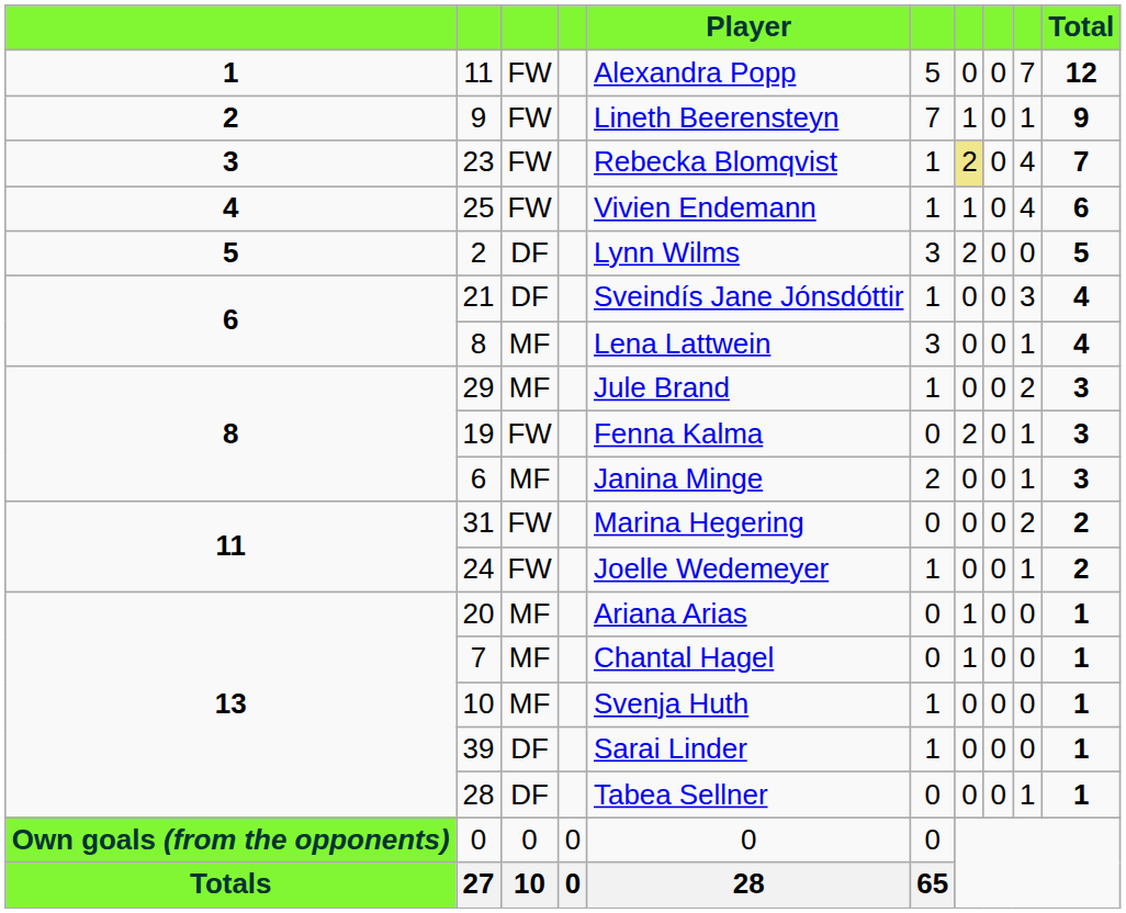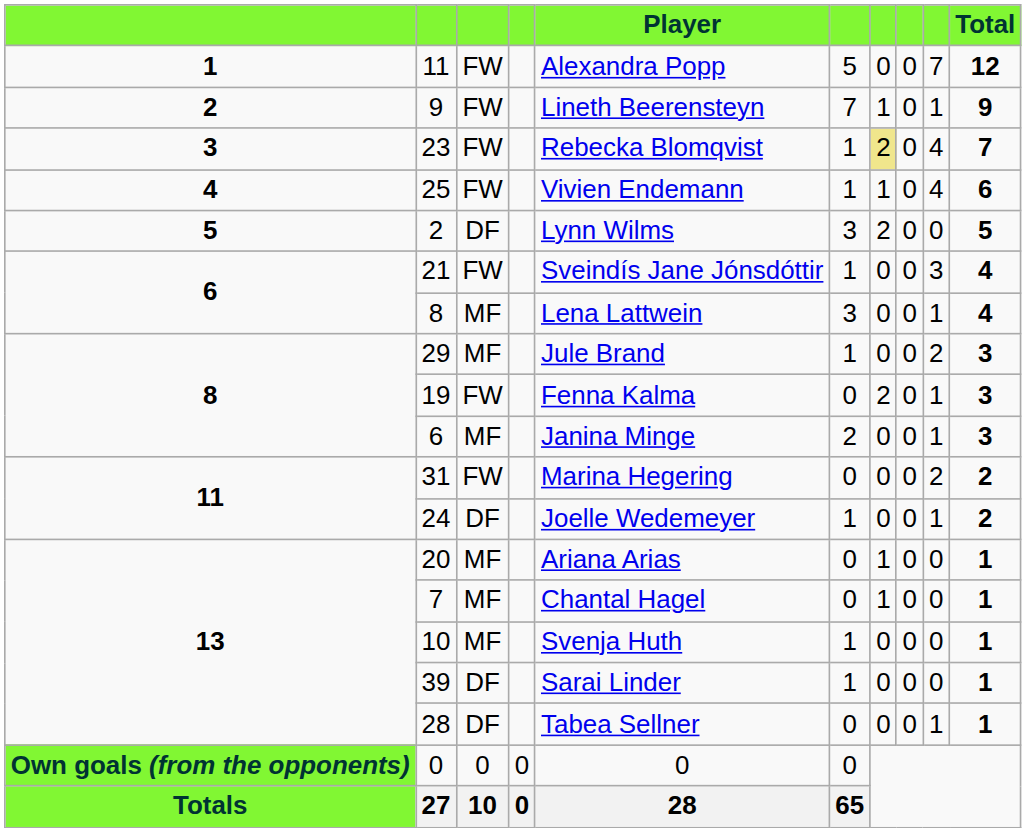 <table class="wikitable" style="text-align:center;">
 <tr>
 <th style="background:#81F733; color:#003333; "></th>
 <th style="background:#81F733; color:#003333; "></th>
 <th style="background:#81F733; color:#003333; "></th>
 <th style="background:#81F733; color:#003333; "></th>
 <th style="background:#81F733; color:#003333; ">Player</th>
 <th style="background:#81F733; color:#003333; "></th>
 <th style="background:#81F733; color:#003333; "></th>
 <th style="background:#81F733; color:#003333; "></th>
 <th style="background:#81F733; color:#003333; "></th>
 <th style="background:#81F733; color:#003333; ">Total</th>
 </tr>
 <tr>
 <td><strong>1</strong></td>
 <td>11</td>
 <td>FW</td>
 <td></td>
 <td align="left"><a href='#'>Alexandra Popp</a></td>
 <td>5</td>
 <td>0</td>
 <td>0</td>
 <td>7</td>
 <td><strong>12</strong></td>
 </tr>
 <tr>
 <td><strong>2</strong></td>
 <td>9</td>
 <td>FW</td>
 <td></td>
 <td align="left"><a href='#'>Lineth Beerensteyn</a></td>
 <td>7</td>
 <td>1</td>
 <td>0</td>
 <td>1</td>
 <td><strong>9</strong></td>
 </tr>
 <tr>
 <td><strong>3</strong></td>
 <td>23</td>
 <td>FW</td>
 <td></td>
 <td align="left"><a href='#'>Rebecka Blomqvist</a></td>
 <td>1</td>
 <td style="background: khaki;">2</td>
 <td>0</td>
 <td>4</td>
 <td><strong>7</strong></td>
 </tr>
 <tr>
 <td><strong>4</strong></td>
 <td>25</td>
 <td>FW</td>
 <td></td>
 <td align="left"><a href='#'>Vivien Endemann</a></td>
 <td>1</td>
 <td>1</td>
 <td>0</td>
 <td>4</td>
 <td><strong>6</strong></td>
 </tr>
 <tr>
 <td><strong>5</strong></td>
 <td>2</td>
 <td>DF</td>
 <td></td>
 <td align="left"><a href='#'>Lynn Wilms</a></td>
 <td>3</td>
 <td>2</td>
 <td>0</td>
 <td>0</td>
 <td><strong>5</strong></td>
 </tr>
 <tr>
 <td rowspan = 2><strong>6</strong></td>
 <td>21</td>
-<td>DF</td>
+<td>FW</td>
 <td></td>
 <td align="left"><a href='#'>Sveindís Jane Jónsdóttir</a></td>
 <td>1</td>
 <td>0</td>
 <td>0</td>
 <td>3</td>
 <td><strong>4</strong></td>
 </tr>
 <tr>
 <td>8</td>
 <td>MF</td>
 <td></td>
 <td align="left"><a href='#'>Lena Lattwein</a></td>
 <td>3</td>
 <td>0</td>
 <td>0</td>
 <td>1</td>
 <td><strong>4</strong></td>
 </tr>
 <tr>
 <td rowspan = 3><strong>8</strong></td>
 <td>29</td>
 <td>MF</td>
 <td></td>
 <td align="left"><a href='#'>Jule Brand</a></td>
 <td>1</td>
 <td>0</td>
 <td>0</td>
 <td>2</td>
 <td><strong>3</strong></td>
 </tr>
 <tr>
 <td>19</td>
 <td>FW</td>
 <td></td>
 <td align="left"><a href='#'>Fenna Kalma</a></td>
 <td>0</td>
 <td>2</td>
 <td>0</td>
 <td>1</td>
 <td><strong>3</strong></td>
 </tr>
 <tr>
 <td>6</td>
 <td>MF</td>
 <td></td>
 <td align="left"><a href='#'>Janina Minge</a></td>
 <td>2</td>
 <td>0</td>
 <td>0</td>
 <td>1</td>
 <td><strong>3</strong></td>
 </tr>
 <tr>
 <td rowspan = 2><strong>11</strong></td>
 <td>31</td>
 <td>FW</td>
 <td></td>
 <td align="left"><a href='#'>Marina Hegering</a></td>
 <td>0</td>
 <td>0</td>
 <td>0</td>
 <td>2</td>
 <td><strong>2</strong></td>
 </tr>
 <tr>
 <td>24</td>
-<td>FW</td>
+<td>DF</td>
 <td></td>
 <td align="left"><a href='#'>Joelle Wedemeyer</a></td>
 <td>1</td>
 <td>0</td>
 <td>0</td>
 <td>1</td>
 <td><strong>2</strong></td>
 </tr>
 <tr>
 <td rowspan = 5><strong>13</strong></td>
 <td>20</td>
 <td>MF</td>
 <td></td>
 <td align="left"><a href='#'>Ariana Arias</a></td>
 <td>0</td>
 <td>1</td>
 <td>0</td>
 <td>0</td>
 <td><strong>1</strong></td>
 </tr>
 <tr>
 <td>7</td>
 <td>MF</td>
 <td></td>
 <td align="left"><a href='#'>Chantal Hagel</a></td>
 <td>0</td>
 <td>1</td>
 <td>0</td>
 <td>0</td>
 <td><strong>1</strong></td>
 </tr>
 <tr>
 <td>10</td>
 <td>MF</td>
 <td></td>
 <td align="left"><a href='#'>Svenja Huth</a></td>
 <td>1</td>
 <td>0</td>
 <td>0</td>
 <td>0</td>
 <td><strong>1</strong></td>
 </tr>
 <tr>
 <td>39</td>
 <td>DF</td>
 <td></td>
 <td align="left"><a href='#'>Sarai Linder</a></td>
 <td>1</td>
 <td>0</td>
 <td>0</td>
 <td>0</td>
 <td><strong>1</strong></td>
 </tr>
 <tr>
 <td>28</td>
 <td>DF</td>
 <td></td>
 <td align="left"><a href='#'>Tabea Sellner</a></td>
 <td>0</td>
 <td>0</td>
 <td>0</td>
 <td>1</td>
 <td><strong>1</strong></td>
 </tr>
 <tr>
 <td style="background:#81F733; color:#003333; "><strong>Own goals <em>(from the opponents)<strong><em></td>
 <td>0</td>
 <td>0</td>
 <td>0</td>
 <td>0</td>
 <td></strong>0<strong></td>
 </tr>
 <tr>
 <th style="background:#81F733; color:#003333; ">Totals</th>
 <th>27</th>
 <th>10</th>
 <th>0</th>
 <th>28</th>
 <th>65</th>
 </tr>
 </table>
